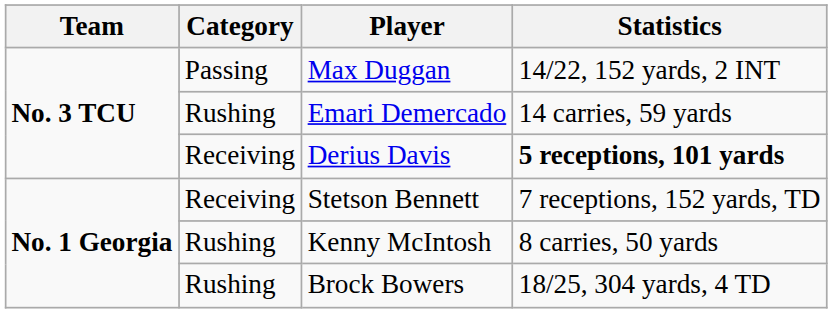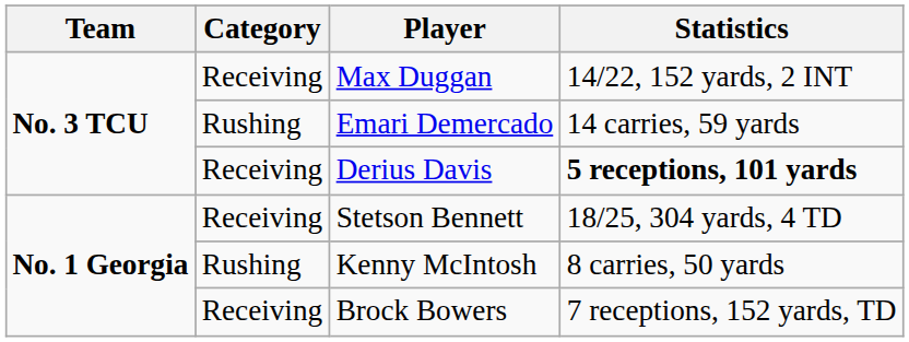 <table class="wikitable" style="float: right;">
 <tr>
 <th>Team</th>
 <th>Category</th>
 <th>Player</th>
 <th>Statistics</th>
 </tr>
 <tr>
 <td rowspan=3><strong>No. 3 TCU</strong></td>
-<td>Passing</td>
+<td>Receiving</td>
 <td><a href='#'>Max Duggan</a></td>
 <td>14/22, 152 yards, 2 INT</td>
 </tr>
 <tr>
 <td>Rushing</td>
 <td><a href='#'>Emari Demercado</a></td>
 <td>14 carries, 59 yards</td>
 </tr>
 <tr>
 <td>Receiving</td>
 <td><a href='#'>Derius Davis</a></td>
 <td><strong>5 receptions, 101 yards</strong></td>
 </tr>
 <tr>
 <td rowspan=3><strong>No. 1 Georgia</strong></td>
 <td>Receiving</td>
 <td>Stetson Bennett</td>
-<td>7 receptions, 152 yards, TD</td>
+<td>18/25, 304 yards, 4 TD</td>
 </tr>
 <tr>
 <td>Rushing</td>
 <td>Kenny McIntosh</td>
 <td>8 carries, 50 yards</td>
 </tr>
 <tr>
-<td>Rushing</td>
+<td>Receiving</td>
 <td>Brock Bowers</td>
-<td>18/25, 304 yards, 4 TD</td>
+<td>7 receptions, 152 yards, TD</td>
 </tr>
 </table>
